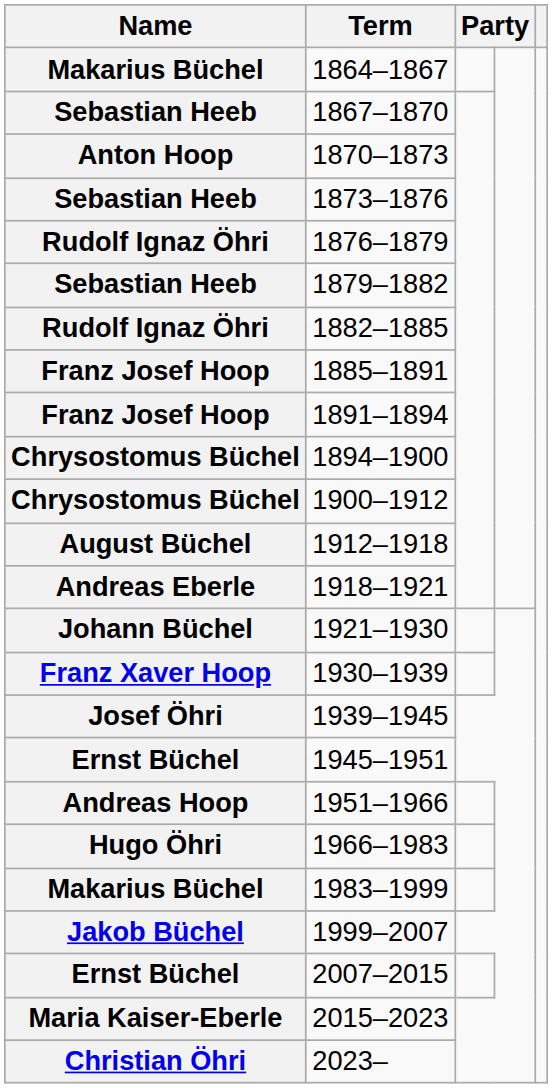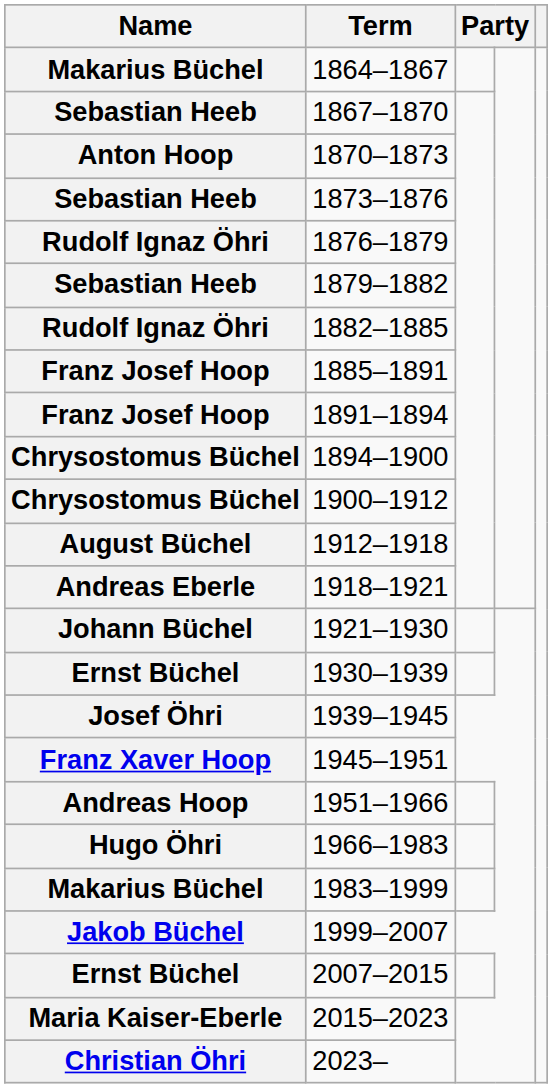 <table class="wikitable">
 <tr>
 <th scope="col">Name</th>
 <th scope="col">Term</th>
 <th colspan="2" scope="colgroup">Party</th>
 <th scope="col"></th>
 </tr>
 <tr>
 <th scope="row">Makarius Büchel</th>
 <td>1864–1867</td>
 <td style="background:"></td>
 <td rowspan="13"></td>
 <td rowspan="24"></td>
 </tr>
 <tr>
 <th>Sebastian Heeb</th>
 <td>1867–1870</td>
 </tr>
 <tr>
 <th>Anton Hoop</th>
 <td>1870–1873</td>
 </tr>
 <tr>
 <th>Sebastian Heeb</th>
 <td>1873–1876</td>
 </tr>
 <tr>
 <th>Rudolf Ignaz Öhri</th>
 <td>1876–1879</td>
 </tr>
 <tr>
 <th>Sebastian Heeb</th>
 <td>1879–1882</td>
 </tr>
 <tr>
 <th>Rudolf Ignaz Öhri</th>
 <td>1882–1885</td>
 </tr>
 <tr>
 <th>Franz Josef Hoop</th>
 <td>1885–1891</td>
 </tr>
 <tr>
 <th>Franz Josef Hoop</th>
 <td>1891–1894</td>
 </tr>
 <tr>
 <th>Chrysostomus Büchel</th>
 <td>1894–1900</td>
 </tr>
 <tr>
 <th>Chrysostomus Büchel</th>
 <td 1900–1912>1900–1912</td>
 </tr>
 <tr>
 <th>August Büchel</th>
 <td 1912–1918>1912–1918</td>
 </tr>
 <tr>
 <th>Andreas Eberle</th>
 <td 1918–1921>1918–1921</td>
 </tr>
 <tr>
 <th>Johann Büchel</th>
 <td>1921–1930</td>
 <td></td>
 </tr>
 <tr>
-<th><a href='#'>Franz Xaver Hoop</a></th>
+<th>Ernst Büchel</th>
 <td>1930–1939</td>
 <td></td>
 </tr>
 <tr>
 <th>Josef Öhri</th>
 <td>1939–1945</td>
 </tr>
 <tr>
-<th>Ernst Büchel</th>
+<th><a href='#'>Franz Xaver Hoop</a></th>
 <td>1945–1951</td>
 </tr>
 <tr>
 <th>Andreas Hoop</th>
 <td>1951–1966</td>
 <td></td>
 </tr>
 <tr>
 <th>Hugo Öhri</th>
 <td>1966–1983</td>
 <td></td>
 </tr>
 <tr>
 <th>Makarius Büchel</th>
 <td>1983–1999</td>
 <td></td>
 </tr>
 <tr>
 <th><a href='#'>Jakob Büchel</a></th>
 <td>1999–2007</td>
 </tr>
 <tr>
 <th>Ernst Büchel</th>
 <td>2007–2015</td>
 <td></td>
 </tr>
 <tr>
 <th>Maria Kaiser-Eberle</th>
 <td>2015–2023</td>
 </tr>
 <tr>
 <th><a href='#'>Christian Öhri</a></th>
 <td>2023–</td>
 </tr>
 </table>
